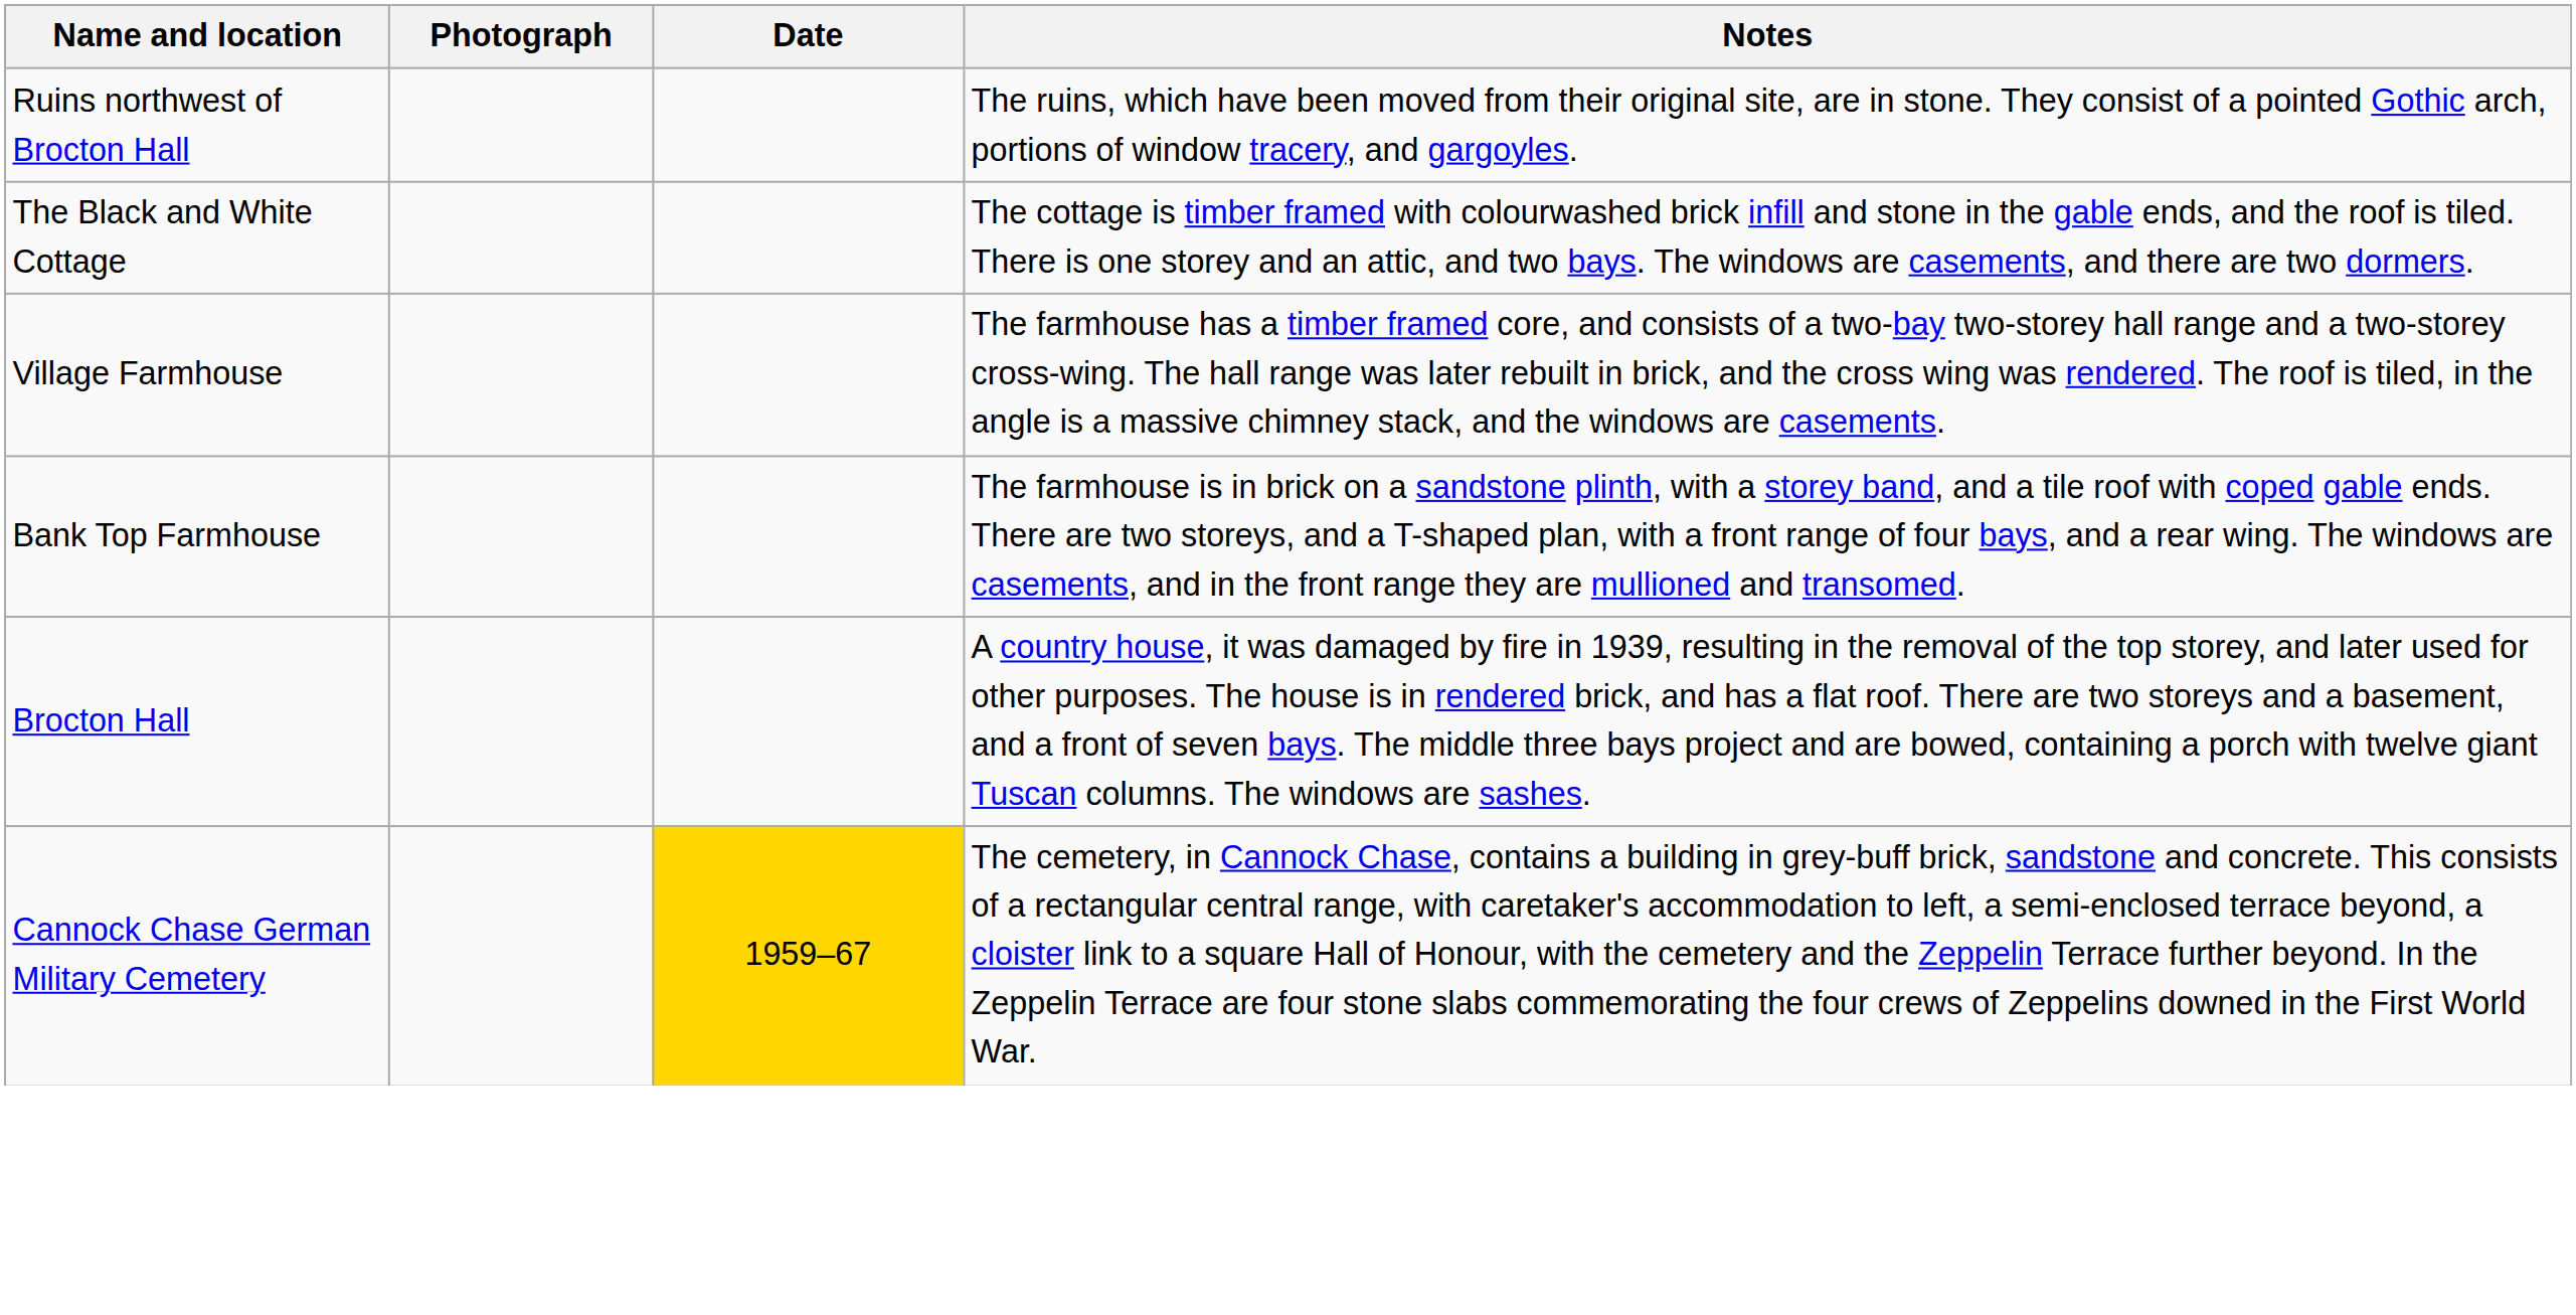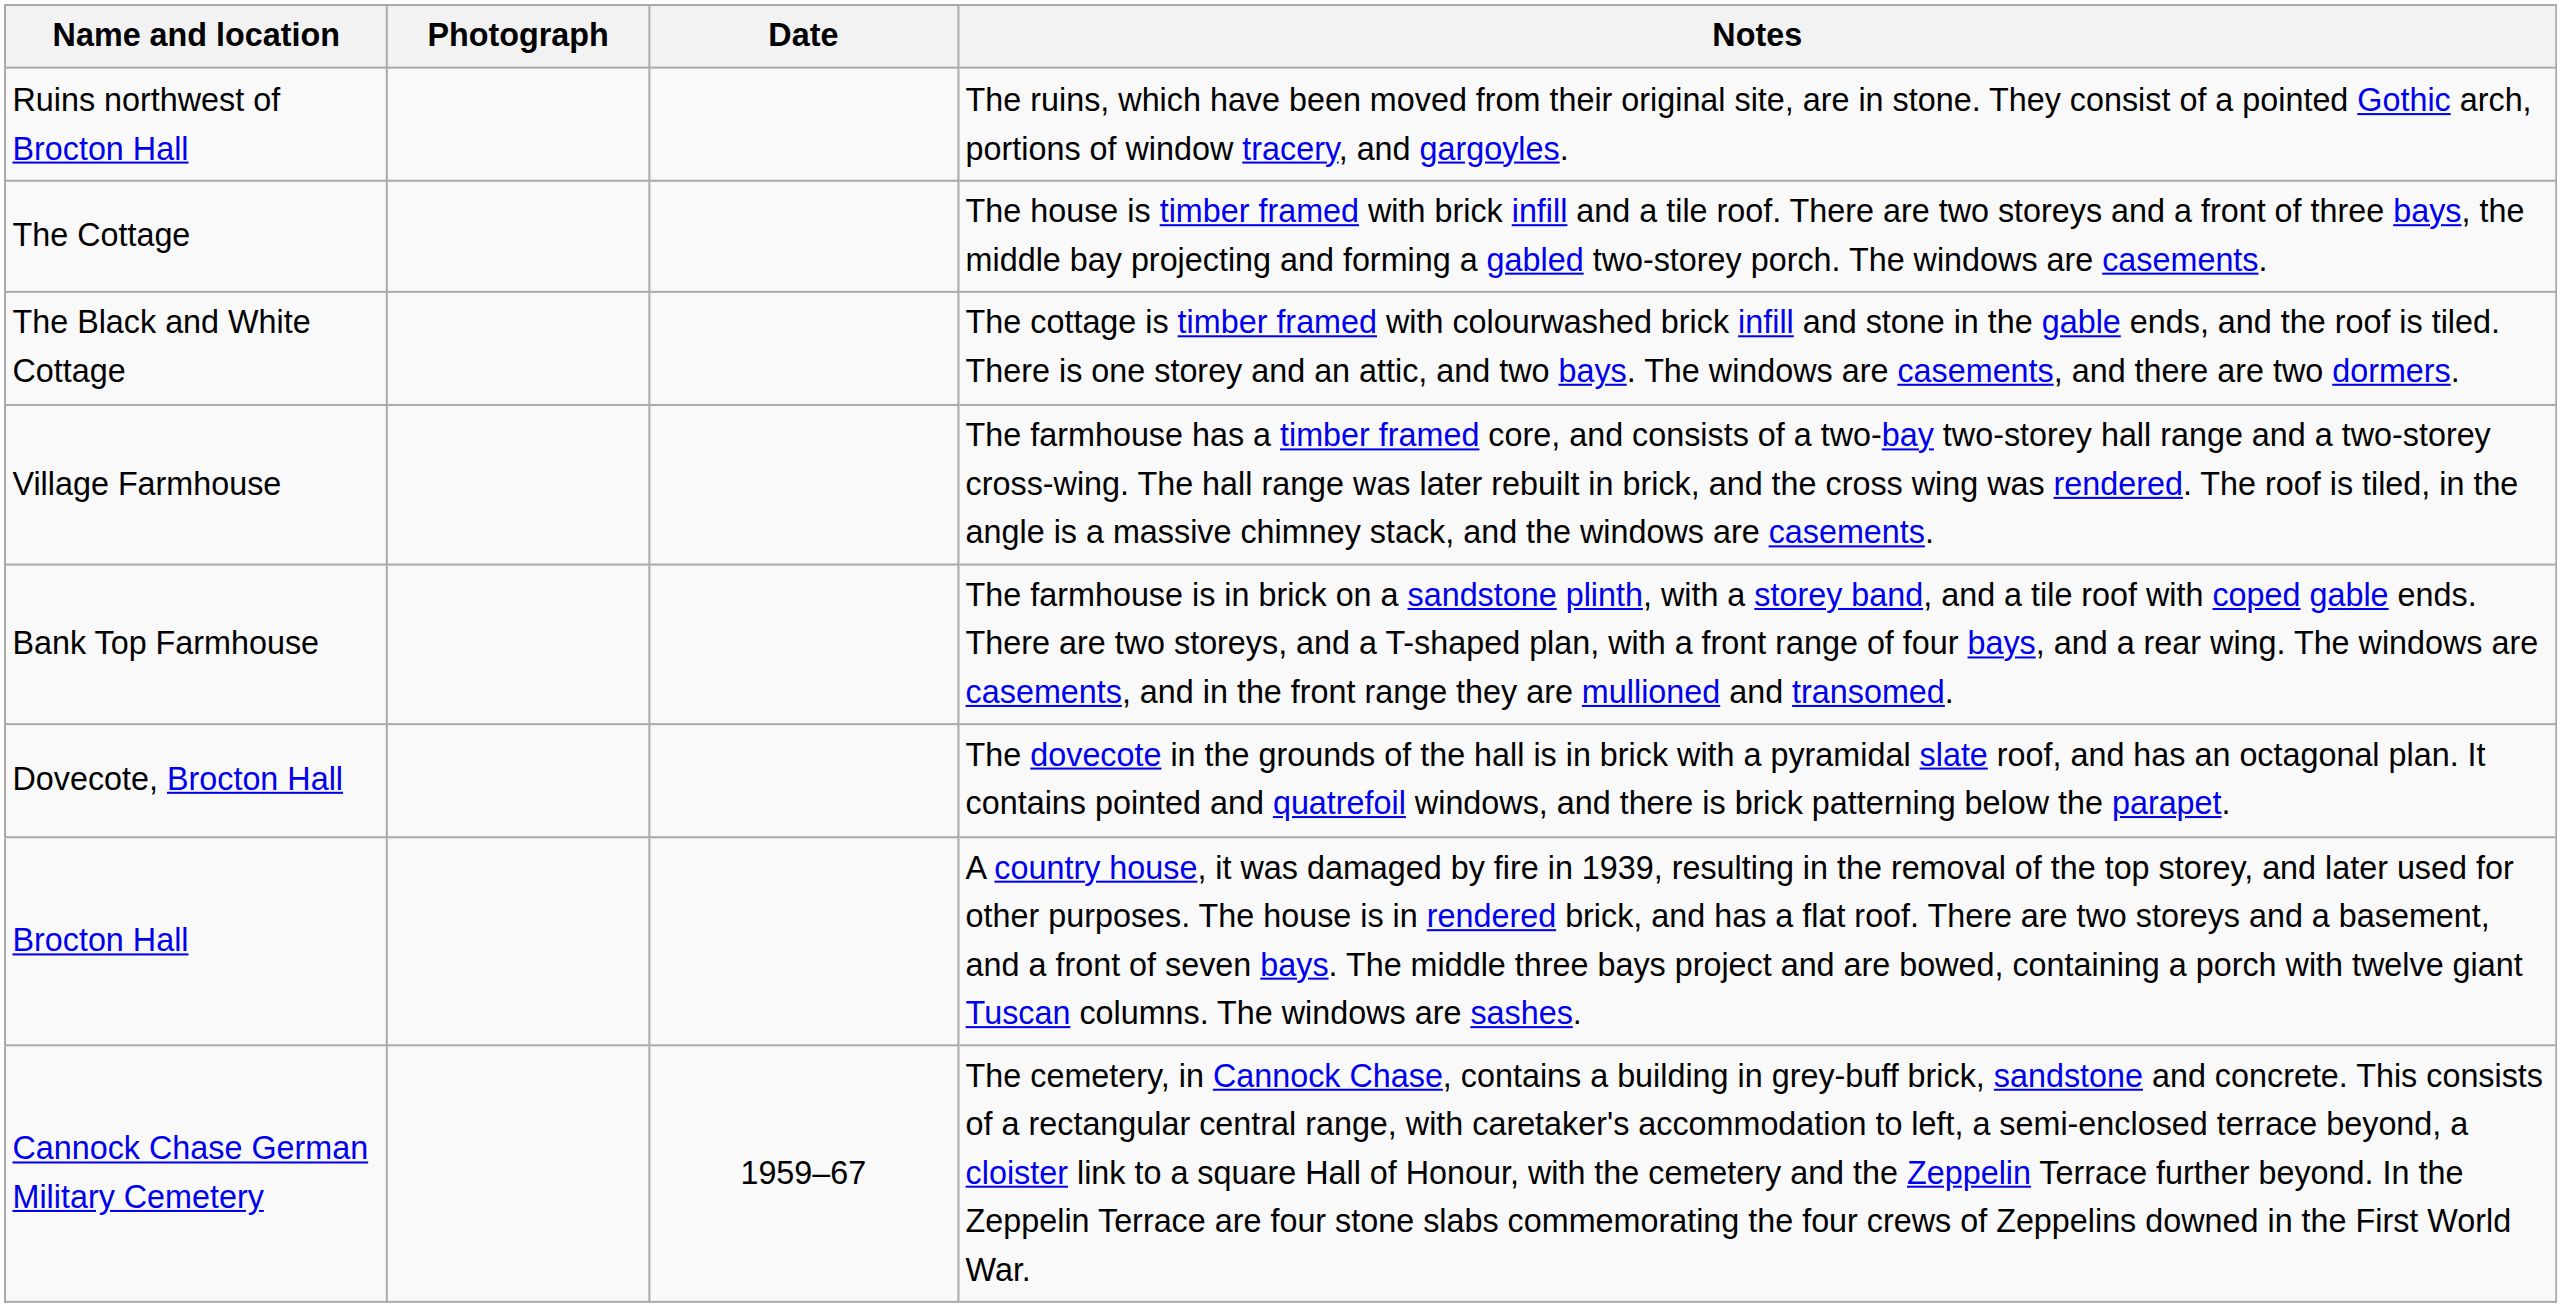 <table class="wikitable sortable plainrowheaders" style="width:100%;border:0px;text-align:left;line-height:150%;">
 <tr>
 <th scope="col"  style="width:150px">Name and location</th>
 <th scope="col"  style="width:100px" class="unsortable">Photograph</th>
 <th scope="col"  style="width:120px">Date</th>
 <th scope="col"  style="width:650px" class="unsortable">Notes</th>
 </tr>
 <tr>
 <td>Ruins northwest of <a href='#'>Brocton Hall</a><br><small></small></td>
 <td></td>
 <td align="center"></td>
 <td>The ruins, which have been moved from their original site, are in stone.  They consist of a pointed <a href='#'>Gothic</a> arch, portions of window <a href='#'>tracery</a>, and <a href='#'>gargoyles</a>.</td>
+</tr>
+<tr>
+<td>The Cottage<br><small></small></td>
+<td></td>
+<td align="center"></td>
+<td>The house is <a href='#'>timber framed</a> with brick <a href='#'>infill</a> and a tile roof.  There are two storeys and a front of three <a href='#'>bays</a>, the middle bay projecting and forming a <a href='#'>gabled</a> two-storey porch.  The windows are <a href='#'>casements</a>.</td>
 </tr>
 <tr>
 <td>The Black and White Cottage<br><small></small></td>
 <td></td>
 <td align="center"></td>
 <td>The cottage is <a href='#'>timber framed</a> with colourwashed brick <a href='#'>infill</a> and stone in the <a href='#'>gable</a> ends, and the roof is tiled.  There is one storey and an attic, and two <a href='#'>bays</a>.  The windows are <a href='#'>casements</a>, and there are two <a href='#'>dormers</a>.</td>
 </tr>
 <tr>
 <td>Village Farmhouse<br><small></small></td>
 <td></td>
 <td align="center"></td>
 <td>The farmhouse has a <a href='#'>timber framed</a> core, and consists of a two-<a href='#'>bay</a> two-storey hall range and a two-storey cross-wing.  The hall range was later rebuilt in brick, and the cross wing was <a href='#'>rendered</a>.  The roof is tiled, in the angle is a massive chimney stack, and the windows are <a href='#'>casements</a>.</td>
 </tr>
 <tr>
 <td>Bank Top Farmhouse<br><small></small></td>
 <td></td>
 <td align="center"></td>
 <td>The farmhouse is in brick on a <a href='#'>sandstone</a> <a href='#'>plinth</a>, with a <a href='#'>storey band</a>, and a tile roof with <a href='#'>coped</a> <a href='#'>gable</a> ends.  There are two storeys, and a T-shaped plan, with a front range of four <a href='#'>bays</a>, and a rear wing.  The windows are <a href='#'>casements</a>, and in the front range they are <a href='#'>mullioned</a> and <a href='#'>transomed</a>.</td>
 </tr>
 <tr>
+<td>Dovecote, <a href='#'>Brocton Hall</a><br><small></small></td>
+<td></td>
+<td align="center"></td>
+<td>The <a href='#'>dovecote</a> in the grounds of the hall is in brick with a pyramidal <a href='#'>slate</a> roof, and has an octagonal plan.  It contains pointed and <a href='#'>quatrefoil</a> windows, and there is brick patterning below the <a href='#'>parapet</a>.</td>
+</tr>
+<tr>
 <td><a href='#'>Brocton Hall</a><br><small></small></td>
 <td></td>
 <td align="center"></td>
 <td>A <a href='#'>country house</a>, it was damaged by fire in 1939, resulting in the removal of the top storey, and later used for other purposes.  The house is in <a href='#'>rendered</a> brick, and has a flat roof.  There are two storeys and a basement, and a front of seven <a href='#'>bays</a>.  The middle three bays project and are bowed, containing a porch with twelve giant <a href='#'>Tuscan</a> columns.  The windows are <a href='#'>sashes</a>.</td>
 </tr>
 <tr>
 <td><a href='#'>Cannock Chase German Military Cemetery</a><br><small></small></td>
 <td></td>
-<td align="center" style="background: gold;">1959–67</td>
+<td align="center">1959–67</td>
 <td>The cemetery, in <a href='#'>Cannock Chase</a>, contains a building in grey-buff brick, <a href='#'>sandstone</a> and concrete.  This consists of a rectangular central range, with caretaker's accommodation to left, a semi-enclosed terrace beyond, a <a href='#'>cloister</a> link to a square Hall of Honour, with the cemetery and the <a href='#'>Zeppelin</a> Terrace further beyond.  In the Zeppelin Terrace are four stone slabs commemorating the four crews of Zeppelins downed in the First World War.</td>
 </tr>
 <tr>
 </tr>
 </table>
